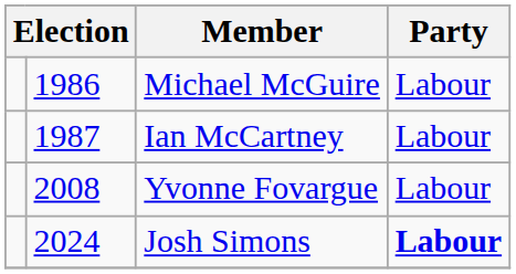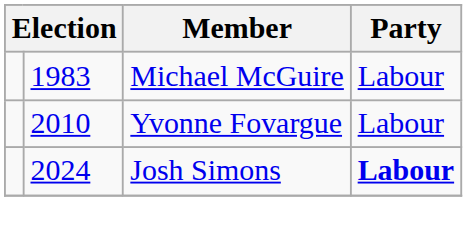 <table class="wikitable">
 <tr>
 <th colspan="2">Election</th>
 <th>Member</th>
 <th>Party</th>
 </tr>
 <tr>
 <td style="color:inherit;background-color: "></td>
-<td><a href='#'>1986</a></td>
+<td><a href='#'>1983</a></td>
 <td><a href='#'>Michael McGuire</a></td>
 <td><a href='#'>Labour</a></td>
 </tr>
 <tr>
 <td style="color:inherit;background-color: "></td>
-<td><a href='#'>1987</a></td>
-<td><a href='#'>Ian McCartney</a></td>
-<td><a href='#'>Labour</a></td>
-</tr>
-<tr>
-<td style="color:inherit;background-color: "></td>
-<td><a href='#'>2008</a></td>
+<td><a href='#'>2010</a></td>
 <td><a href='#'>Yvonne Fovargue</a></td>
 <td><a href='#'>Labour</a></td>
 </tr>
 <tr>
 <td style="color:inherit;background-color: "></td>
 <td><a href='#'>2024</a></td>
 <td><a href='#'>Josh Simons</a></td>
 <td><strong><a href='#'>Labour</a></strong></td>
 </tr>
 <tr>
 </tr>
 </table>
